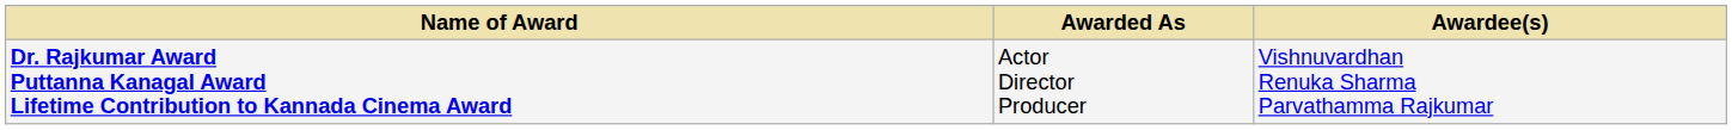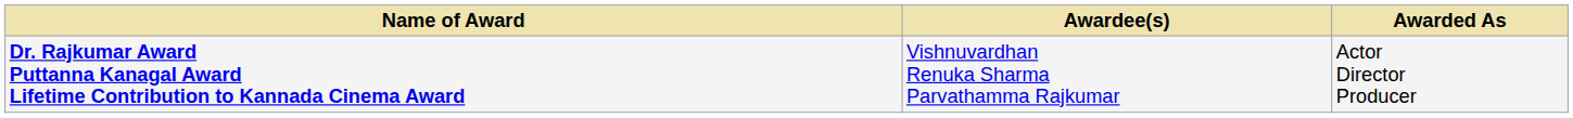 <table class="wikitable" style="width:100%;">
 <tr>
 <th style="background-color:#EFE4B0;">Name of Award</th>
+<th style="background-color:#EFE4B0;">Awardee(s)</th>
 <th style="background-color:#EFE4B0;">Awarded As</th>
-<th style="background-color:#EFE4B0;">Awardee(s)</th>
 </tr>
 <tr style="background-color:#F4F4F4">
 <td><strong><a href='#'>Dr. Rajkumar Award</a></strong><br><strong><a href='#'>Puttanna Kanagal Award</a></strong><br><strong><a href='#'>Lifetime Contribution to Kannada Cinema Award</a></strong></td>
+<td><a href='#'>Vishnuvardhan</a><br><a href='#'>Renuka Sharma</a><br><a href='#'>Parvathamma Rajkumar</a></td>
 <td>Actor<br>Director<br>Producer</td>
-<td><a href='#'>Vishnuvardhan</a><br><a href='#'>Renuka Sharma</a><br><a href='#'>Parvathamma Rajkumar</a></td>
 </tr>
 </table>
